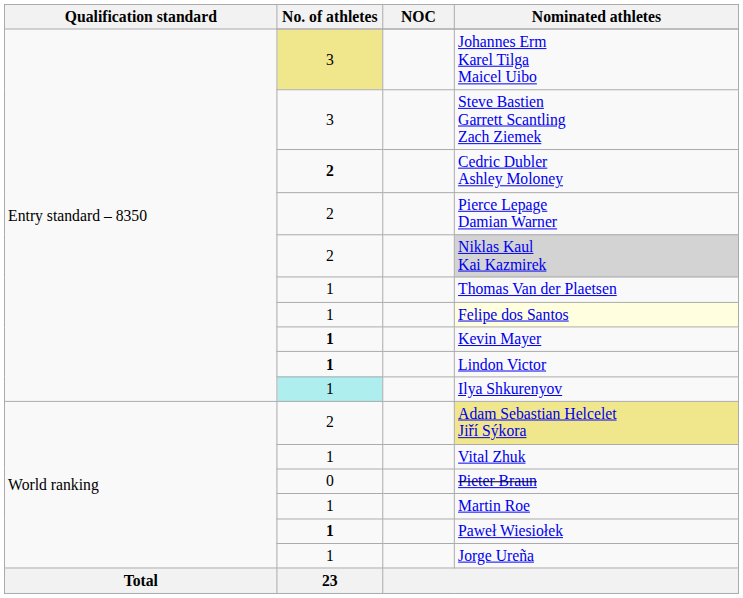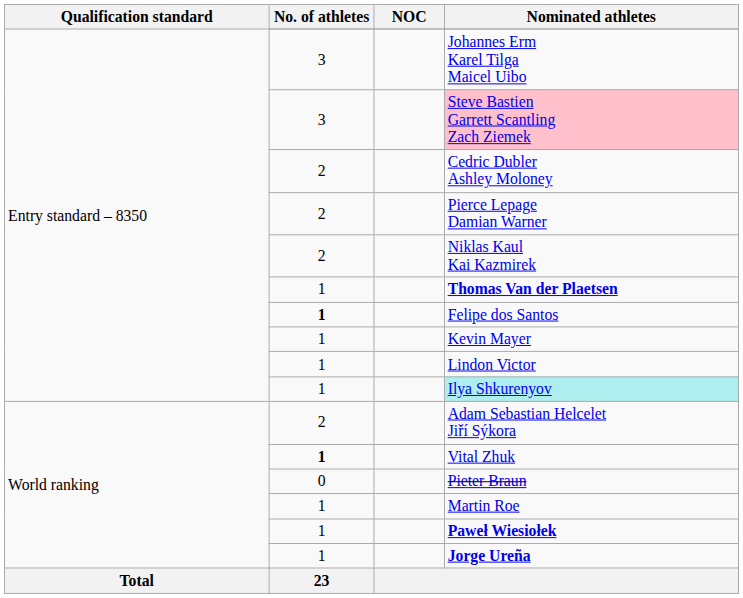 <table class="wikitable" style="text-align:left; width:750px;">
 <tr>
 <th>Qualification standard</th>
 <th width=100>No. of athletes</th>
 <th>NOC</th>
 <th>Nominated athletes</th>
 </tr>
 <tr>
 <td rowspan= 11>Entry standard – 8350</td>
 </tr>
 <tr>
-<td align=center style="background: khaki;">3</td>
+<td align=center>3</td>
 <td></td>
 <td><a href='#'>Johannes Erm</a><br><a href='#'>Karel Tilga</a><br><a href='#'>Maicel Uibo</a></td>
 </tr>
 <tr>
 <td align=center>3</td>
 <td></td>
-<td><a href='#'>Steve Bastien</a><br><a href='#'>Garrett Scantling</a><br><a href='#'>Zach Ziemek</a></td>
+<td style="background: pink;"><a href='#'>Steve Bastien</a><br><a href='#'>Garrett Scantling</a><br><a href='#'>Zach Ziemek</a></td>
 </tr>
 <tr>
-<td align=center><strong>2</strong></td>
+<td align=center>2</td>
 <td></td>
 <td><a href='#'>Cedric Dubler</a><br><a href='#'>Ashley Moloney</a></td>
 </tr>
 <tr>
 <td align=center>2</td>
 <td></td>
 <td><a href='#'>Pierce Lepage</a><br><a href='#'>Damian Warner</a></td>
 </tr>
 <tr>
 <td align=center>2</td>
 <td></td>
-<td style="background: lightgrey;"><a href='#'>Niklas Kaul</a><br><a href='#'>Kai Kazmirek</a></td>
+<td><a href='#'>Niklas Kaul</a><br><a href='#'>Kai Kazmirek</a></td>
 </tr>
 <tr>
 <td align=center>1</td>
 <td></td>
-<td><a href='#'>Thomas Van der Plaetsen</a></td>
+<td><strong><a href='#'>Thomas Van der Plaetsen</a></strong></td>
+</tr>
+<tr>
+<td align=center><strong>1</strong></td>
+<td></td>
+<td><a href='#'>Felipe dos Santos</a></td>
 </tr>
 <tr>
 <td align=center>1</td>
 <td></td>
-<td style="background: lightyellow;"><a href='#'>Felipe dos Santos</a></td>
-</tr>
-<tr>
-<td align=center><strong>1</strong></td>
-<td></td>
 <td><a href='#'>Kevin Mayer</a></td>
 </tr>
 <tr>
-<td align=center><strong>1</strong></td>
+<td align=center>1</td>
 <td></td>
 <td><a href='#'>Lindon Victor</a></td>
 </tr>
 <tr>
-<td align=center style="background: paleturquoise;">1</td>
+<td align=center>1</td>
 <td></td>
-<td><a href='#'>Ilya Shkurenyov</a></td>
+<td style="background: paleturquoise;"><a href='#'>Ilya Shkurenyov</a></td>
 </tr>
 <tr>
 <td rowspan=6>World ranking</td>
 <td align=center>2</td>
 <td></td>
-<td style="background: khaki;"><a href='#'>Adam Sebastian Helcelet</a><br><a href='#'>Jiří Sýkora</a></td>
+<td><a href='#'>Adam Sebastian Helcelet</a><br><a href='#'>Jiří Sýkora</a></td>
 </tr>
 <tr>
-<td align=center>1</td>
+<td align=center><strong>1</strong></td>
 <td></td>
 <td><a href='#'>Vital Zhuk</a></td>
 </tr>
 <tr>
 <td align=center>0</td>
 <td></td>
 <td><s><a href='#'>Pieter Braun</a></s></td>
 </tr>
 <tr>
 <td align=center>1</td>
 <td></td>
 <td><a href='#'>Martin Roe</a></td>
 </tr>
 <tr>
-<td align=center><strong>1</strong></td>
+<td align=center>1</td>
 <td></td>
-<td><a href='#'>Paweł Wiesiołek</a></td>
+<td><strong><a href='#'>Paweł Wiesiołek</a></strong></td>
 </tr>
 <tr>
 <td align=center>1</td>
 <td></td>
-<td><a href='#'>Jorge Ureña</a></td>
+<td><strong><a href='#'>Jorge Ureña</a></strong></td>
 </tr>
 <tr>
 <th>Total</th>
 <th>23</th>
 <th colspan=2></th>
 </tr>
 </table>
